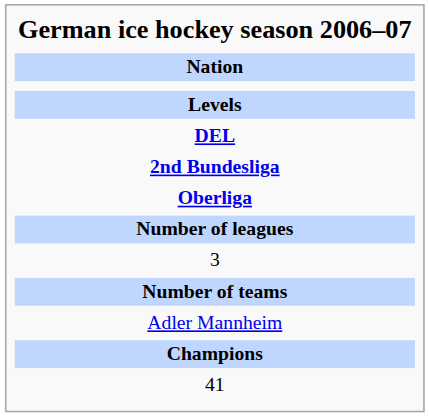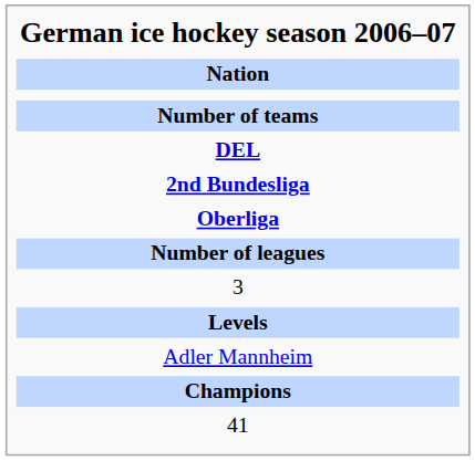 <table class="infobox football" style="width: 16em; text-align: center;">
 <tr>
 <th style="font-size: 16px;">German ice hockey season 2006–07</th>
 </tr>
 <tr>
 </tr>
 <tr>
 <td style="font-size: 12px; background: #BFD7FF;"><strong>Nation</strong></td>
 </tr>
 <tr>
 <td style="font-size: 12px;"></td>
 </tr>
 <tr>
-<td style="font-size: 12px; background: #BFD7FF;"><strong>Levels</strong></td>
+<td style="font-size: 12px; background: #BFD7FF;"><strong>Number of teams</strong></td>
 </tr>
 <tr>
 <td style="font-size: 12px;"><strong><a href='#'>DEL</a></strong></td>
 </tr>
 <tr>
 <td style="font-size: 12px;"><strong><a href='#'>2nd Bundesliga</a></strong></td>
 </tr>
 <tr>
 <td style="font-size: 12px;"><strong><a href='#'>Oberliga</a></strong></td>
 </tr>
 <tr>
 <td style="font-size: 12px; background: #BFD7FF;"><strong>Number of leagues</strong></td>
 </tr>
 <tr>
 <td style="font-size: 12px;">3</td>
 </tr>
 <tr>
-<td style="font-size: 12px; background: #BFD7FF;"><strong>Number of teams</strong></td>
+<td style="font-size: 12px; background: #BFD7FF;"><strong>Levels</strong></td>
 </tr>
 <tr>
 <td style="font-size: 12px;"><a href='#'>Adler Mannheim</a></td>
 </tr>
 <tr>
 <td style="font-size: 12px; background: #BFD7FF;"><strong>Champions</strong></td>
 </tr>
 <tr>
 <td style="font-size: 12px;">41</td>
 </tr>
 <tr>
 </tr>
 </table>
